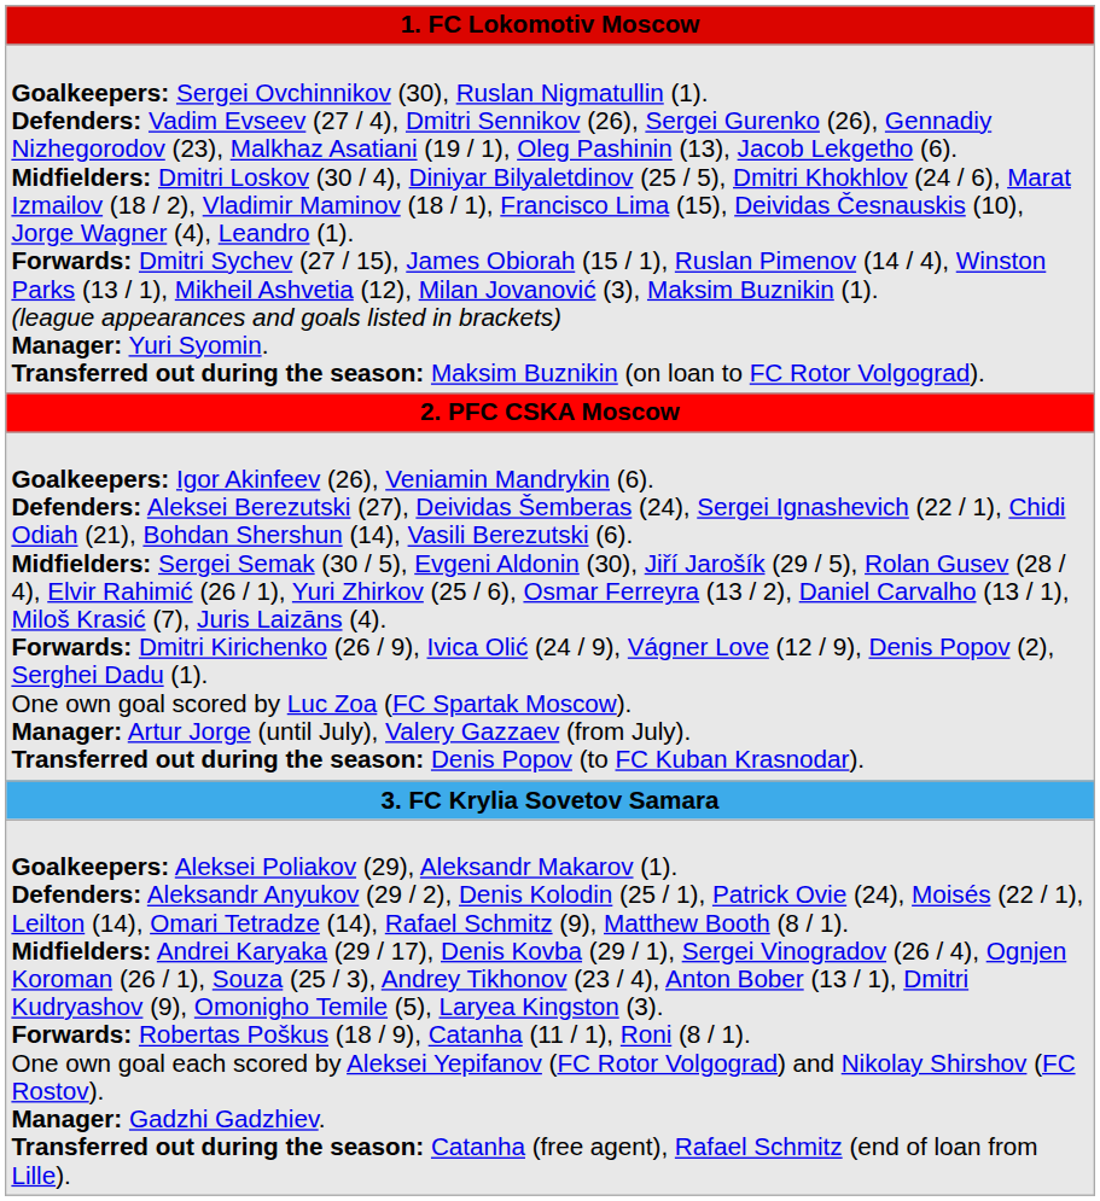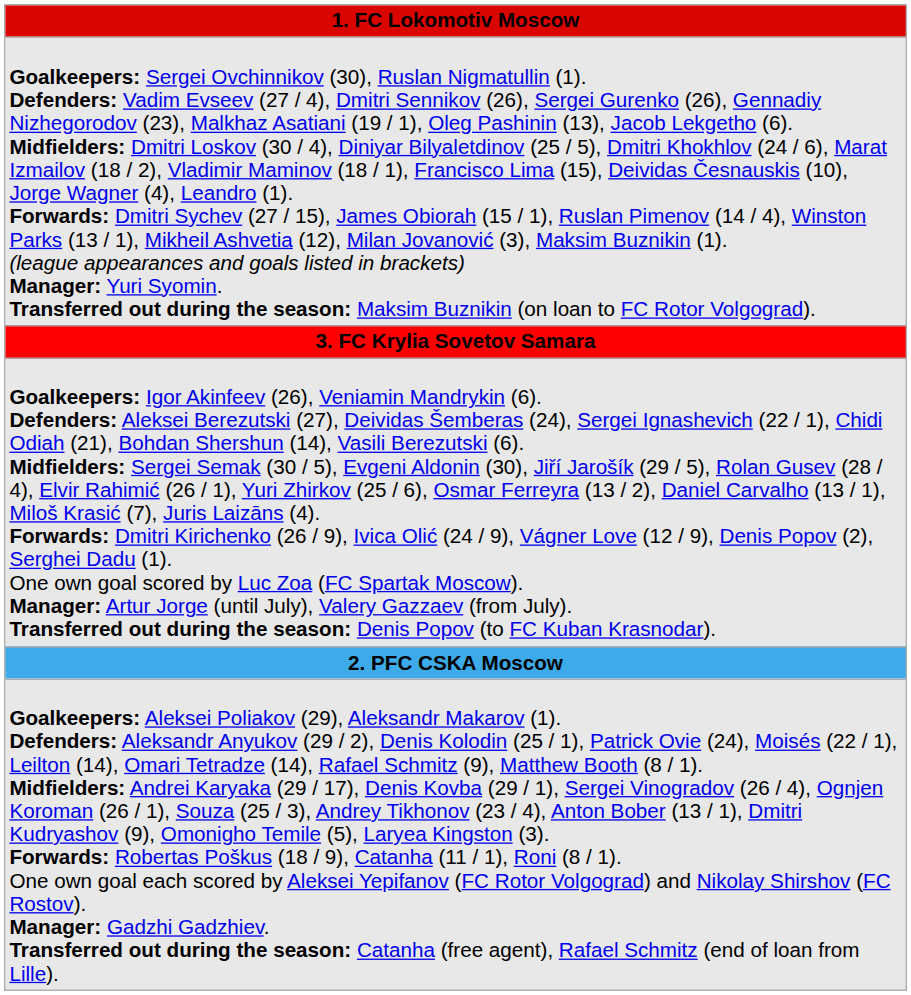 <table class="wikitable" Width="700">
 <tr bgcolor="#DB0500">
 <td align="center" width="700"><span> <strong>1. FC Lokomotiv Moscow</strong> </span></td>
 </tr>
 <tr bgcolor="#E8E8E8">
 <td align="left" width="700"><br><strong>Goalkeepers:</strong> <a href='#'>Sergei Ovchinnikov</a> (30), <a href='#'>Ruslan Nigmatullin</a> (1).<br> <strong>Defenders:</strong> <a href='#'>Vadim Evseev</a> (27 / 4), <a href='#'>Dmitri Sennikov</a> (26), <a href='#'>Sergei Gurenko</a>  (26), <a href='#'>Gennadiy Nizhegorodov</a> (23), <a href='#'>Malkhaz Asatiani</a>  (19 / 1), <a href='#'>Oleg Pashinin</a>  (13), <a href='#'>Jacob Lekgetho</a>  (6).<br> <strong>Midfielders:</strong> <a href='#'>Dmitri Loskov</a> (30 / 4), <a href='#'>Diniyar Bilyaletdinov</a> (25 / 5), <a href='#'>Dmitri Khokhlov</a> (24 / 6), <a href='#'>Marat Izmailov</a> (18 / 2), <a href='#'>Vladimir Maminov</a>  (18 / 1), <a href='#'>Francisco Lima</a>  (15), <a href='#'>Deividas Česnauskis</a>  (10), <a href='#'>Jorge Wagner</a>  (4), <a href='#'>Leandro</a>  (1).<br> <strong>Forwards:</strong> <a href='#'>Dmitri Sychev</a> (27 / 15), <a href='#'>James Obiorah</a>  (15 / 1), <a href='#'>Ruslan Pimenov</a> (14 / 4), <a href='#'>Winston Parks</a>  (13 / 1), <a href='#'>Mikheil Ashvetia</a>  (12), <a href='#'>Milan Jovanović</a>  (3), <a href='#'>Maksim Buznikin</a> (1).<br><em>(league appearances and goals listed in brackets)</em><br><strong>Manager:</strong> <a href='#'>Yuri Syomin</a>.<br><strong>Transferred out during the season:</strong> <a href='#'>Maksim Buznikin</a> (on loan to <a href='#'>FC Rotor Volgograd</a>).</td>
 </tr>
 <tr bgcolor="#FF0000">
-<td align="center" width="700"><span> <strong>2. PFC CSKA Moscow</strong> </span></td>
+<td align="center" width="700"><span> <strong>3. FC Krylia Sovetov Samara</strong> </span></td>
 </tr>
 <tr bgcolor="#E8E8E8">
 <td align="left" width="700"><br><strong>Goalkeepers:</strong> <a href='#'>Igor Akinfeev</a> (26), <a href='#'>Veniamin Mandrykin</a> (6).<br> <strong>Defenders:</strong> <a href='#'>Aleksei Berezutski</a> (27), <a href='#'>Deividas Šemberas</a>  (24), <a href='#'>Sergei Ignashevich</a> (22 / 1), <a href='#'>Chidi Odiah</a>  (21), <a href='#'>Bohdan Shershun</a>  (14), <a href='#'>Vasili Berezutski</a> (6).<br> <strong>Midfielders:</strong> <a href='#'>Sergei Semak</a> (30 / 5), <a href='#'>Evgeni Aldonin</a> (30), <a href='#'>Jiří Jarošík</a>  (29 / 5), <a href='#'>Rolan Gusev</a> (28 / 4), <a href='#'>Elvir Rahimić</a>  (26 / 1), <a href='#'>Yuri Zhirkov</a> (25 / 6), <a href='#'>Osmar Ferreyra</a>  (13 / 2), <a href='#'>Daniel Carvalho</a>  (13 / 1), <a href='#'>Miloš Krasić</a>  (7), <a href='#'>Juris Laizāns</a>  (4).<br> <strong>Forwards:</strong> <a href='#'>Dmitri Kirichenko</a> (26 / 9), <a href='#'>Ivica Olić</a>  (24 / 9), <a href='#'>Vágner Love</a>  (12 / 9), <a href='#'>Denis Popov</a> (2), <a href='#'>Serghei Dadu</a>  (1).<br>One own goal scored by <a href='#'>Luc Zoa</a>  (<a href='#'>FC Spartak Moscow</a>).<br><strong>Manager:</strong> <a href='#'>Artur Jorge</a>  (until July), <a href='#'>Valery Gazzaev</a> (from July).<br><strong>Transferred out during the season:</strong> <a href='#'>Denis Popov</a> (to <a href='#'>FC Kuban Krasnodar</a>).</td>
 </tr>
 <tr bgcolor="#3DABEA">
-<td align="center" width="700"><span> <strong>3. FC Krylia Sovetov Samara</strong> </span></td>
+<td align="center" width="700"><span> <strong>2. PFC CSKA Moscow</strong> </span></td>
 </tr>
 <tr bgcolor="#E8E8E8">
 <td align="left" width="700"><br><strong>Goalkeepers:</strong> <a href='#'>Aleksei Poliakov</a>  (29), <a href='#'>Aleksandr Makarov</a> (1).<br> <strong>Defenders:</strong> <a href='#'>Aleksandr Anyukov</a> (29 / 2), <a href='#'>Denis Kolodin</a> (25 / 1), <a href='#'>Patrick Ovie</a>  (24), <a href='#'>Moisés</a>  (22 / 1), <a href='#'>Leilton</a>  (14), <a href='#'>Omari Tetradze</a> (14), <a href='#'>Rafael Schmitz</a>  (9), <a href='#'>Matthew Booth</a>  (8 / 1).<br> <strong>Midfielders:</strong> <a href='#'>Andrei Karyaka</a> (29 / 17), <a href='#'>Denis Kovba</a>  (29 / 1), <a href='#'>Sergei Vinogradov</a> (26 / 4), <a href='#'>Ognjen Koroman</a>  (26 / 1), <a href='#'>Souza</a>  (25 / 3), <a href='#'>Andrey Tikhonov</a> (23 / 4), <a href='#'>Anton Bober</a> (13 / 1), <a href='#'>Dmitri Kudryashov</a> (9), <a href='#'>Omonigho Temile</a>  (5), <a href='#'>Laryea Kingston</a>  (3).<br> <strong>Forwards:</strong> <a href='#'>Robertas Poškus</a>  (18 / 9), <a href='#'>Catanha</a>  (11 / 1), <a href='#'>Roni</a>  (8 / 1).<br>One own goal each scored by <a href='#'>Aleksei Yepifanov</a> (<a href='#'>FC Rotor Volgograd</a>) and <a href='#'>Nikolay Shirshov</a>  (<a href='#'>FC Rostov</a>).<br><strong>Manager:</strong> <a href='#'>Gadzhi Gadzhiev</a>.<br><strong>Transferred out during the season:</strong> <a href='#'>Catanha</a>  (free agent), <a href='#'>Rafael Schmitz</a>  (end of loan from  <a href='#'>Lille</a>).</td>
 </tr>
 </table>
